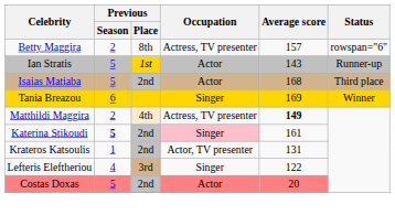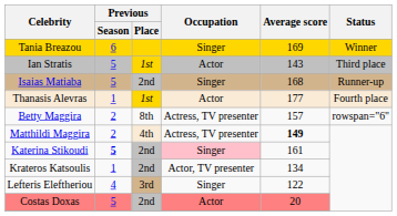 <table class="wikitable sortable" style="text-align:center;">
 <tr>
 <th rowspan="2">Celebrity</th>
 <th colspan="2">Previous</th>
 <th rowspan="2">Occupation</th>
 <th rowspan="2">Average score</th>
 <th rowspan="2">Status</th>
 </tr>
 <tr>
 <th>Season</th>
 <th>Place</th>
 </tr>
+<tr bgcolor="gold">
+<td>Tania Breazou</td>
+<td><a href='#'>6</a></td>
+<td></td>
+<td>Singer</td>
+<td>169</td>
+<td>Winner</td>
+</tr>
+<tr bgcolor="silver">
+<td>Ian Stratis</td>
+<td><a href='#'>5</a></td>
+<td bgcolor="gold"><em>1st</em></td>
+<td>Actor</td>
+<td>143</td>
+<td>Third place</td>
+</tr>
+<tr bgcolor="tan">
+<td><a href='#'>Isaias Matiaba</a></td>
+<td><a href='#'>5</a></td>
+<td bgcolor="silver">2nd</td>
+<td>Singer</td>
+<td>168</td>
+<td>Runner-up</td>
+</tr>
+<tr bgcolor=antiquewhite>
+<td>Thanasis Alevras</td>
+<td><a href='#'>1</a></td>
+<td bgcolor="gold"><em>1st</em></td>
+<td>Actor</td>
+<td>177</td>
+<td>Fourth place</td>
+</tr>
 <tr>
 <td><a href='#'>Betty Maggira</a></td>
 <td><a href='#'>2</a></td>
 <td>8th</td>
 <td>Actress, TV presenter</td>
 <td>157</td>
 <td>rowspan="6" </td>
-</tr>
-<tr bgcolor="silver">
-<td>Ian Stratis</td>
-<td><a href='#'>5</a></td>
-<td bgcolor="gold"><em>1st</em></td>
-<td>Actor</td>
-<td>143</td>
-<td>Runner-up</td>
-</tr>
-<tr bgcolor="tan">
-<td><a href='#'>Isaias Matiaba</a></td>
-<td><a href='#'>5</a></td>
-<td bgcolor="silver">2nd</td>
-<td>Actor</td>
-<td>168</td>
-<td>Third place</td>
-</tr>
-<tr bgcolor="gold">
-<td>Tania Breazou</td>
-<td><a href='#'>6</a></td>
-<td></td>
-<td>Singer</td>
-<td>169</td>
-<td>Winner</td>
 </tr>
 <tr>
 <td><a href='#'>Matthildi Maggira</a></td>
 <td><a href='#'>2</a></td>
 <td bgcolor=antiquewhite>4th</td>
 <td>Actress, TV presenter</td>
 <td><strong>149</strong></td>
 </tr>
 <tr>
 <td><a href='#'>Katerina Stikoudi</a></td>
 <td><strong><a href='#'>5</a></strong></td>
 <td bgcolor="silver">2nd</td>
 <td style="background: pink;">Singer</td>
 <td>161</td>
 </tr>
 <tr>
 <td>Krateros Katsoulis</td>
 <td><a href='#'>1</a></td>
 <td bgcolor="silver">2nd</td>
 <td>Actor, TV presenter</td>
-<td>131</td>
+<td>134</td>
 </tr>
 <tr>
 <td>Lefteris Eleftheriou</td>
 <td><a href='#'>4</a></td>
 <td bgcolor="tan">3rd</td>
 <td>Singer</td>
 <td>122</td>
 </tr>
 <tr style="background:#FE8080;">
 <td>Costas Doxas</td>
 <td><a href='#'>5</a></td>
 <td bgcolor="silver">2nd</td>
 <td>Actor</td>
 <td>20</td>
 </tr>
 <tr>
 </tr>
 </table>
